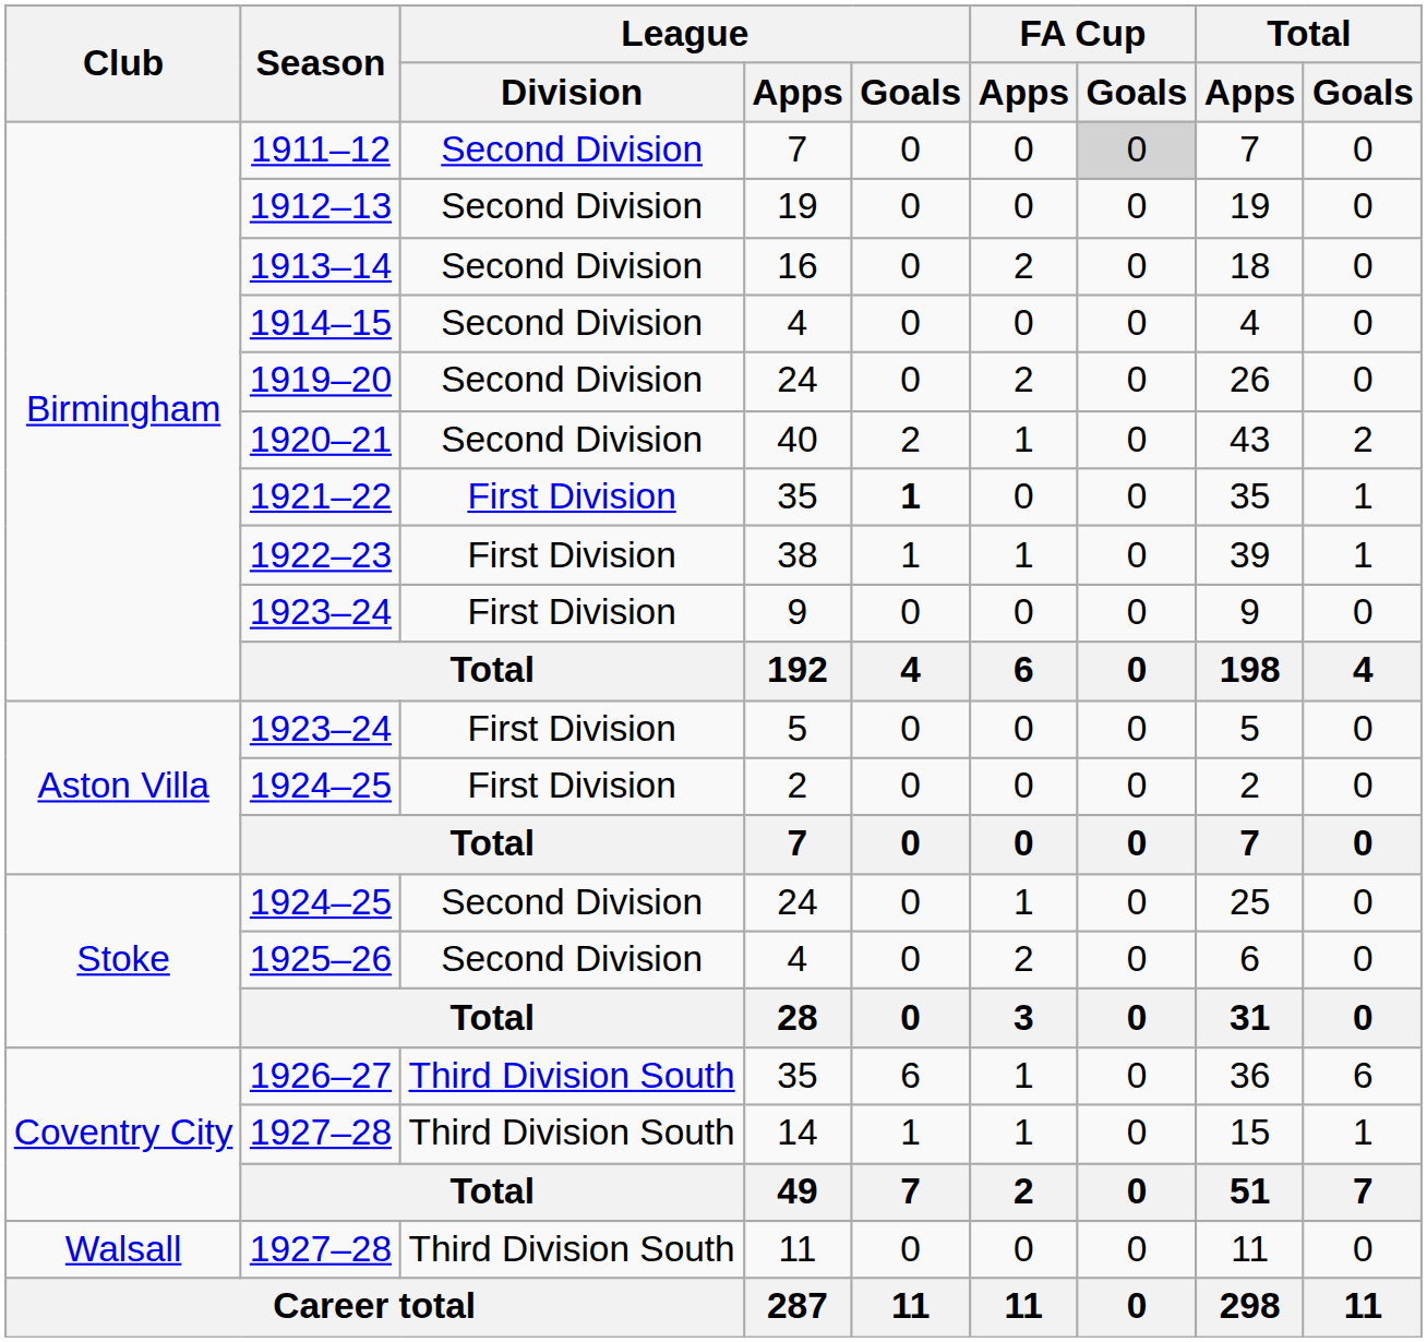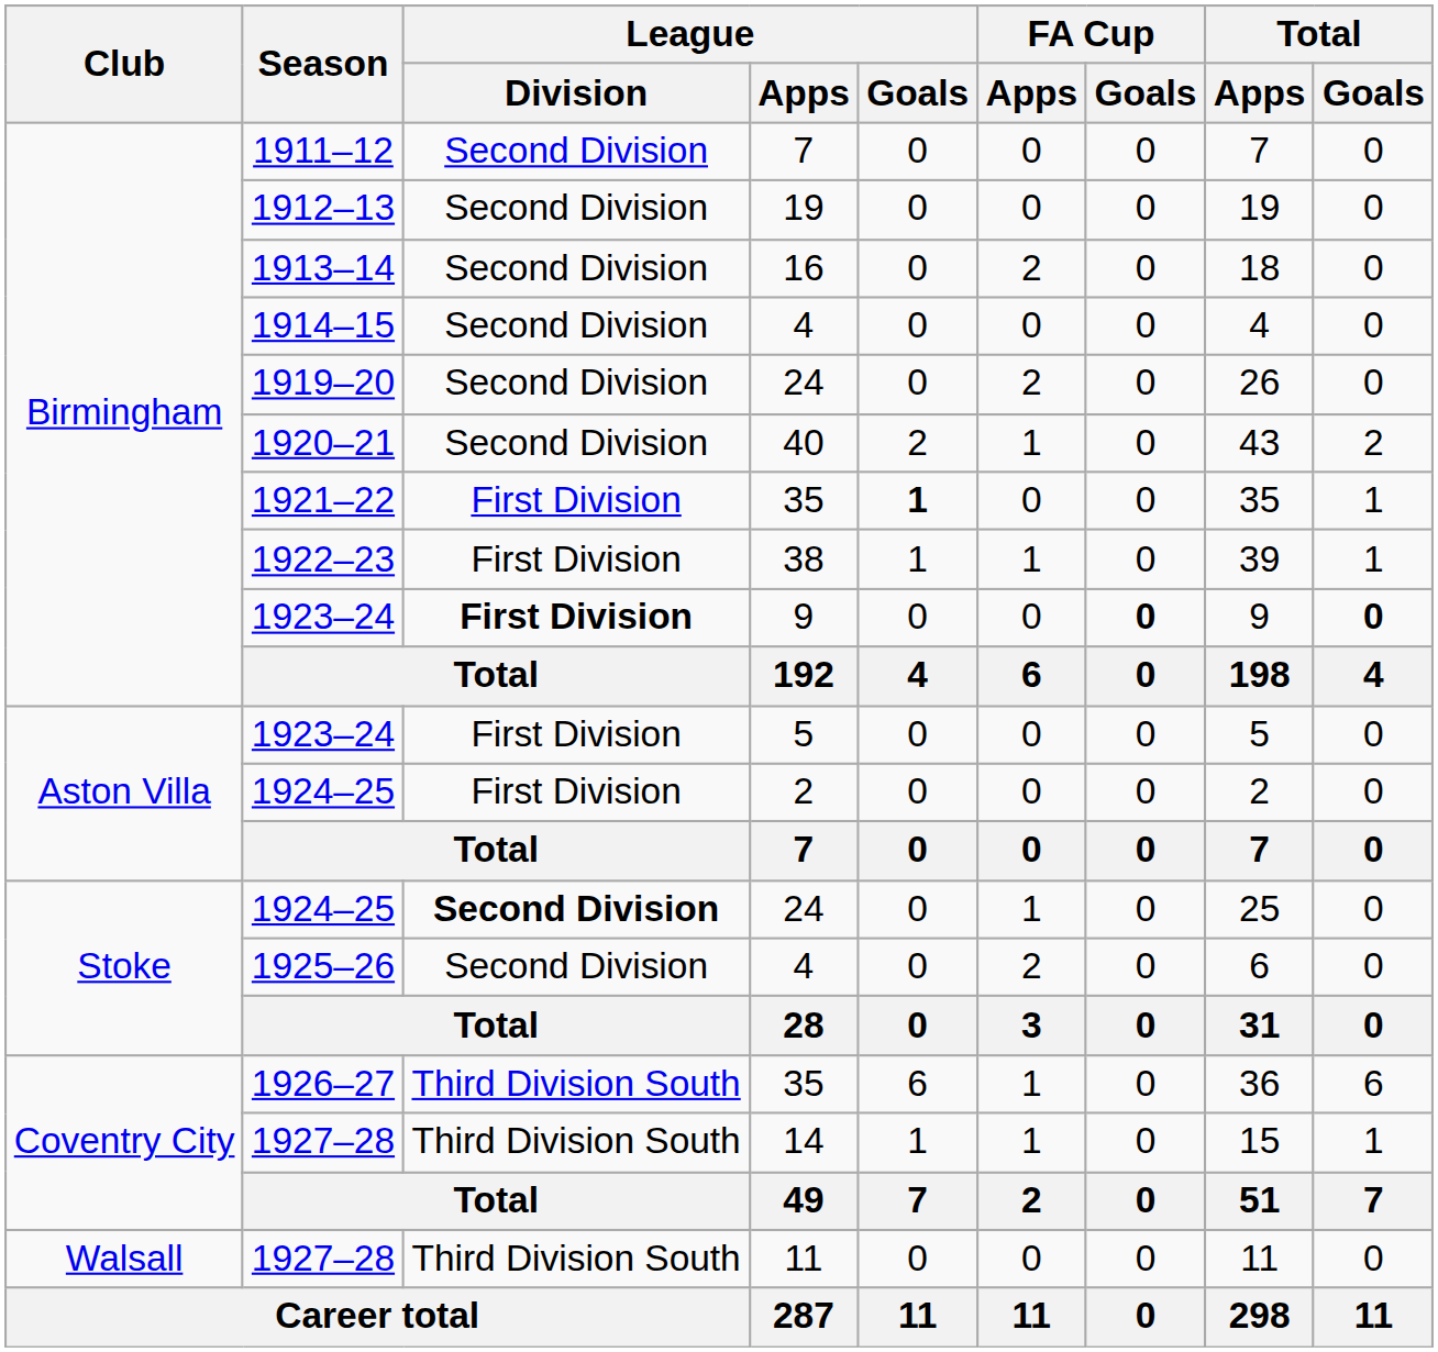 <table class="wikitable" style="text-align: center;">
 <tr>
 <th rowspan="2">Club</th>
 <th rowspan="2">Season</th>
 <th colspan="3">League</th>
 <th colspan="2">FA Cup</th>
 <th colspan="2">Total</th>
 </tr>
 <tr>
 <th>Division</th>
 <th>Apps</th>
 <th>Goals</th>
 <th>Apps</th>
 <th>Goals</th>
 <th>Apps</th>
 <th>Goals</th>
 </tr>
 <tr>
 <td rowspan=10><a href='#'>Birmingham</a></td>
 <td><a href='#'>1911–12</a></td>
 <td><a href='#'>Second Division</a></td>
 <td>7</td>
 <td>0</td>
 <td>0</td>
-<td style="background: lightgrey;">0</td>
+<td>0</td>
 <td>7</td>
 <td>0</td>
 </tr>
 <tr>
 <td><a href='#'>1912–13</a></td>
 <td>Second Division</td>
 <td>19</td>
 <td>0</td>
 <td>0</td>
 <td>0</td>
 <td>19</td>
 <td>0</td>
 </tr>
 <tr>
 <td><a href='#'>1913–14</a></td>
 <td>Second Division</td>
 <td>16</td>
 <td>0</td>
 <td>2</td>
 <td>0</td>
 <td>18</td>
 <td>0</td>
 </tr>
 <tr>
 <td><a href='#'>1914–15</a></td>
 <td>Second Division</td>
 <td>4</td>
 <td>0</td>
 <td>0</td>
 <td>0</td>
 <td>4</td>
 <td>0</td>
 </tr>
 <tr>
 <td><a href='#'>1919–20</a></td>
 <td>Second Division</td>
 <td>24</td>
 <td>0</td>
 <td>2</td>
 <td>0</td>
 <td>26</td>
 <td>0</td>
 </tr>
 <tr>
 <td><a href='#'>1920–21</a></td>
 <td>Second Division</td>
 <td>40</td>
 <td>2</td>
 <td>1</td>
 <td>0</td>
 <td>43</td>
 <td>2</td>
 </tr>
 <tr>
 <td><a href='#'>1921–22</a></td>
 <td><a href='#'>First Division</a></td>
 <td>35</td>
 <td><strong>1</strong></td>
 <td>0</td>
 <td>0</td>
 <td>35</td>
 <td>1</td>
 </tr>
 <tr>
 <td><a href='#'>1922–23</a></td>
 <td>First Division</td>
 <td>38</td>
 <td>1</td>
 <td>1</td>
 <td>0</td>
 <td>39</td>
 <td>1</td>
 </tr>
 <tr>
 <td><a href='#'>1923–24</a></td>
-<td>First Division</td>
+<td><strong>First Division</strong></td>
 <td>9</td>
 <td>0</td>
 <td>0</td>
-<td>0</td>
+<td><strong>0</strong></td>
 <td>9</td>
-<td>0</td>
+<td><strong>0</strong></td>
 </tr>
 <tr>
 <th colspan=2>Total</th>
 <th>192</th>
 <th>4</th>
 <th>6</th>
 <th>0</th>
 <th>198</th>
 <th>4</th>
 </tr>
 <tr>
 <td rowspan=3><a href='#'>Aston Villa</a></td>
 <td><a href='#'>1923–24</a></td>
 <td>First Division</td>
 <td>5</td>
 <td>0</td>
 <td>0</td>
 <td>0</td>
 <td>5</td>
 <td>0</td>
 </tr>
 <tr>
 <td><a href='#'>1924–25</a></td>
 <td>First Division</td>
 <td>2</td>
 <td>0</td>
 <td>0</td>
 <td>0</td>
 <td>2</td>
 <td>0</td>
 </tr>
 <tr>
 <th colspan=2>Total</th>
 <th>7</th>
 <th>0</th>
 <th>0</th>
 <th>0</th>
 <th>7</th>
 <th>0</th>
 </tr>
 <tr>
 <td rowspan=3><a href='#'>Stoke</a></td>
 <td><a href='#'>1924–25</a></td>
-<td>Second Division</td>
+<td><strong>Second Division</strong></td>
 <td>24</td>
 <td>0</td>
 <td>1</td>
 <td>0</td>
 <td>25</td>
 <td>0</td>
 </tr>
 <tr>
 <td><a href='#'>1925–26</a></td>
 <td>Second Division</td>
 <td>4</td>
 <td>0</td>
 <td>2</td>
 <td>0</td>
 <td>6</td>
 <td>0</td>
 </tr>
 <tr>
 <th colspan=2>Total</th>
 <th>28</th>
 <th>0</th>
 <th>3</th>
 <th>0</th>
 <th>31</th>
 <th>0</th>
 </tr>
 <tr>
 <td rowspan=3><a href='#'>Coventry City</a></td>
 <td><a href='#'>1926–27</a></td>
 <td><a href='#'>Third Division South</a></td>
 <td>35</td>
 <td>6</td>
 <td>1</td>
 <td>0</td>
 <td>36</td>
 <td>6</td>
 </tr>
 <tr>
 <td><a href='#'>1927–28</a></td>
 <td>Third Division South</td>
 <td>14</td>
 <td>1</td>
 <td>1</td>
 <td>0</td>
 <td>15</td>
 <td>1</td>
 </tr>
 <tr>
 <th colspan=2>Total</th>
 <th>49</th>
 <th>7</th>
 <th>2</th>
 <th>0</th>
 <th>51</th>
 <th>7</th>
 </tr>
 <tr>
 <td><a href='#'>Walsall</a></td>
 <td><a href='#'>1927–28</a></td>
 <td>Third Division South</td>
 <td>11</td>
 <td>0</td>
 <td>0</td>
 <td>0</td>
 <td>11</td>
 <td>0</td>
 </tr>
 <tr>
 <th colspan="3">Career total</th>
 <th>287</th>
 <th>11</th>
 <th>11</th>
 <th>0</th>
 <th>298</th>
 <th>11</th>
 </tr>
 </table>
